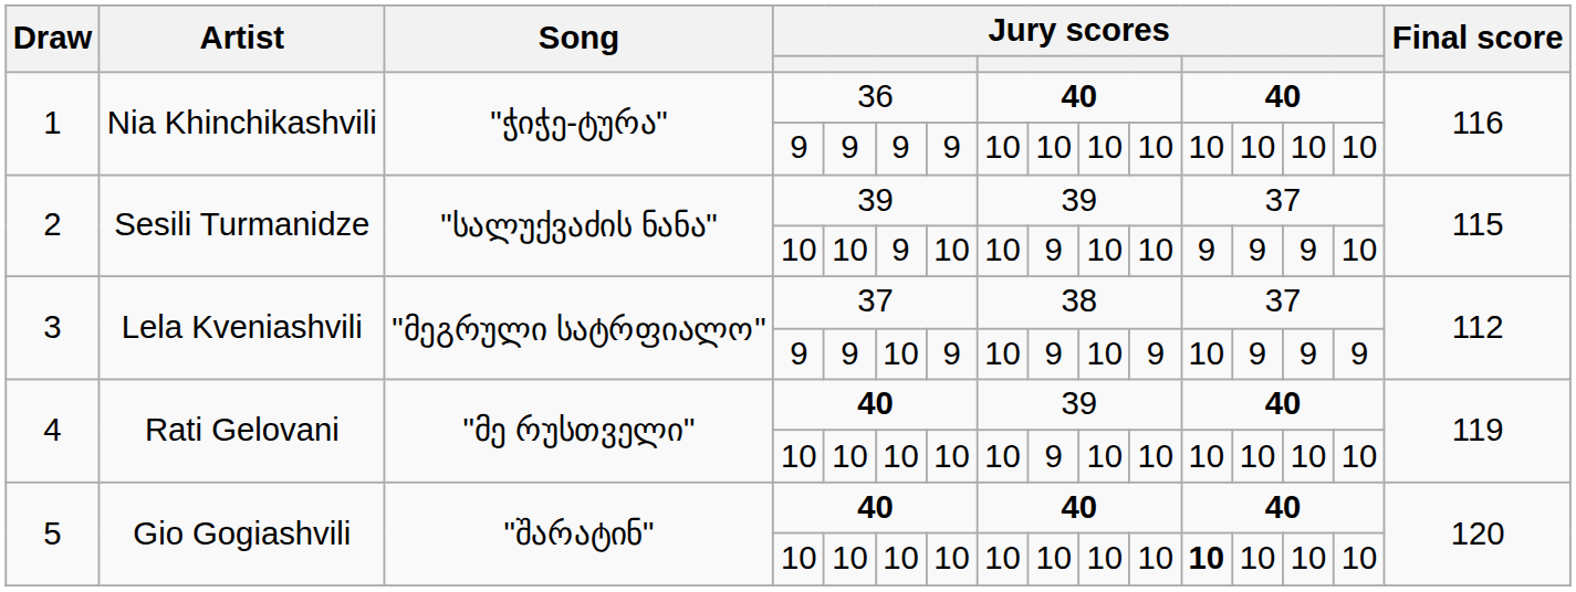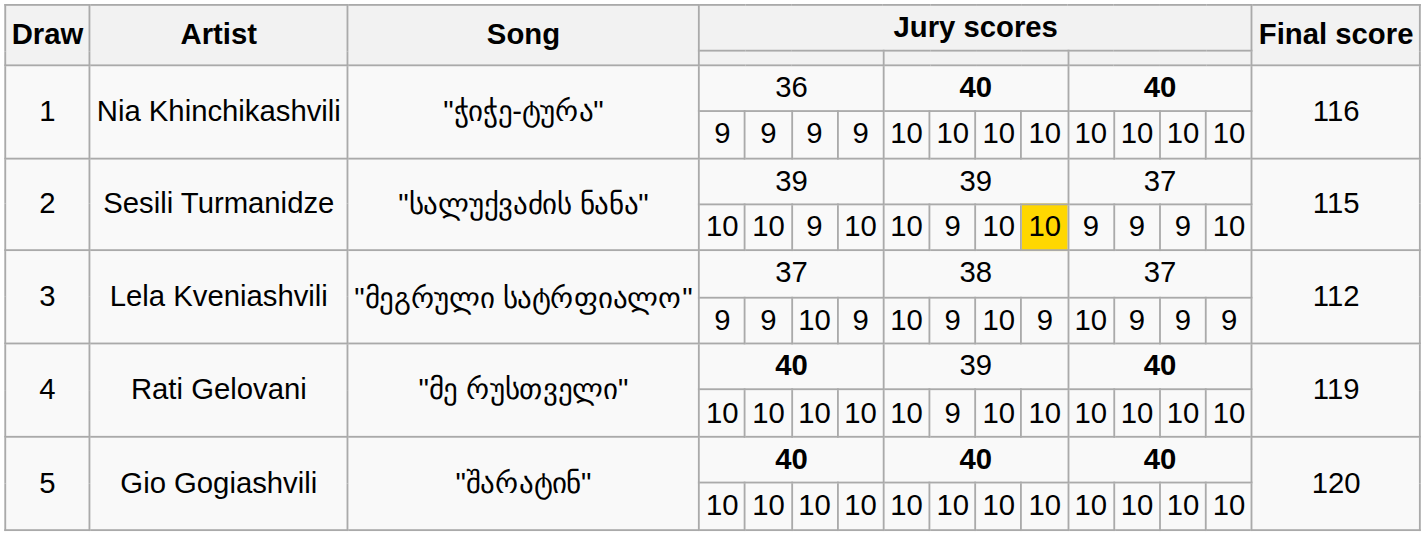 <table class="sortable wikitable" style="text-align:center;margin:1em auto 1em auto">
 <tr>
 <th scope="col" rowspan="2">Draw</th>
 <th scope="col" rowspan="2">Artist</th>
 <th scope="col" rowspan="2">Song</th>
 <th scope="col" colspan="12">Jury scores</th>
 <th scope="col" rowspan="2">Final score</th>
 </tr>
 <tr>
 <th scope="col" colspan="4" class="unsortable"><small></small></th>
 <th scope="col" colspan="4" class="unsortable"><small></small></th>
 <th scope="col" colspan="4" class="unsortable"><small></small></th>
 </tr>
 <tr>
 <td rowspan="2">1</td>
 <td rowspan="2">Nia Khinchikashvili</td>
 <td rowspan="2">"ჭიჭე-ტურა"<br></td>
 <td colspan="4">36</td>
 <td colspan="4"><strong>40</strong></td>
 <td colspan="4"><strong>40</strong></td>
 <td rowspan="2">116</td>
 </tr>
 <tr>
 <td>9</td>
 <td>9</td>
 <td>9</td>
 <td>9</td>
 <td>10</td>
 <td>10</td>
 <td>10</td>
 <td>10</td>
 <td>10</td>
 <td>10</td>
 <td>10</td>
 <td>10</td>
 </tr>
 <tr>
 <td rowspan="2">2</td>
 <td rowspan="2">Sesili Turmanidze</td>
 <td rowspan="2">"სალუქვაძის ნანა"<br></td>
 <td colspan="4">39</td>
 <td colspan="4">39</td>
 <td colspan="4">37</td>
 <td rowspan="2">115</td>
 </tr>
 <tr>
 <td>10</td>
 <td>10</td>
 <td>9</td>
 <td>10</td>
 <td>10</td>
 <td>9</td>
 <td>10</td>
-<td>10</td>
+<td style="background: gold;">10</td>
 <td>9</td>
 <td>9</td>
 <td>9</td>
 <td>10</td>
 </tr>
 <tr>
 <td rowspan="2">3</td>
 <td rowspan="2">Lela Kveniashvili</td>
 <td rowspan="2">"მეგრული სატრფიალო"<br></td>
 <td colspan="4">37</td>
 <td colspan="4">38</td>
 <td colspan="4">37</td>
 <td rowspan="2">112</td>
 </tr>
 <tr>
 <td>9</td>
 <td>9</td>
 <td>10</td>
 <td>9</td>
 <td>10</td>
 <td>9</td>
 <td>10</td>
 <td>9</td>
 <td>10</td>
 <td>9</td>
 <td>9</td>
 <td>9</td>
 </tr>
 <tr>
 <td rowspan="2">4</td>
 <td rowspan="2">Rati Gelovani</td>
 <td rowspan="2">"მე რუსთველი"<br></td>
 <td colspan="4"><strong>40</strong></td>
 <td colspan="4">39</td>
 <td colspan="4"><strong>40</strong></td>
 <td rowspan="2">119</td>
 </tr>
 <tr>
 <td>10</td>
 <td>10</td>
 <td>10</td>
 <td>10</td>
 <td>10</td>
 <td>9</td>
 <td>10</td>
 <td>10</td>
 <td>10</td>
 <td>10</td>
 <td>10</td>
 <td>10</td>
 </tr>
 <tr>
 <td rowspan="2">5</td>
 <td rowspan="2">Gio Gogiashvili</td>
 <td rowspan="2">"შარატინ"<br></td>
 <td colspan="4"><strong>40</strong></td>
 <td colspan="4"><strong>40</strong></td>
 <td colspan="4"><strong>40</strong></td>
 <td rowspan="2">120</td>
 </tr>
 <tr>
 <td>10</td>
 <td>10</td>
 <td>10</td>
 <td>10</td>
 <td>10</td>
 <td>10</td>
 <td>10</td>
 <td>10</td>
-<td><strong>10</strong></td>
+<td>10</td>
 <td>10</td>
 <td>10</td>
 <td>10</td>
 </tr>
 </table>
